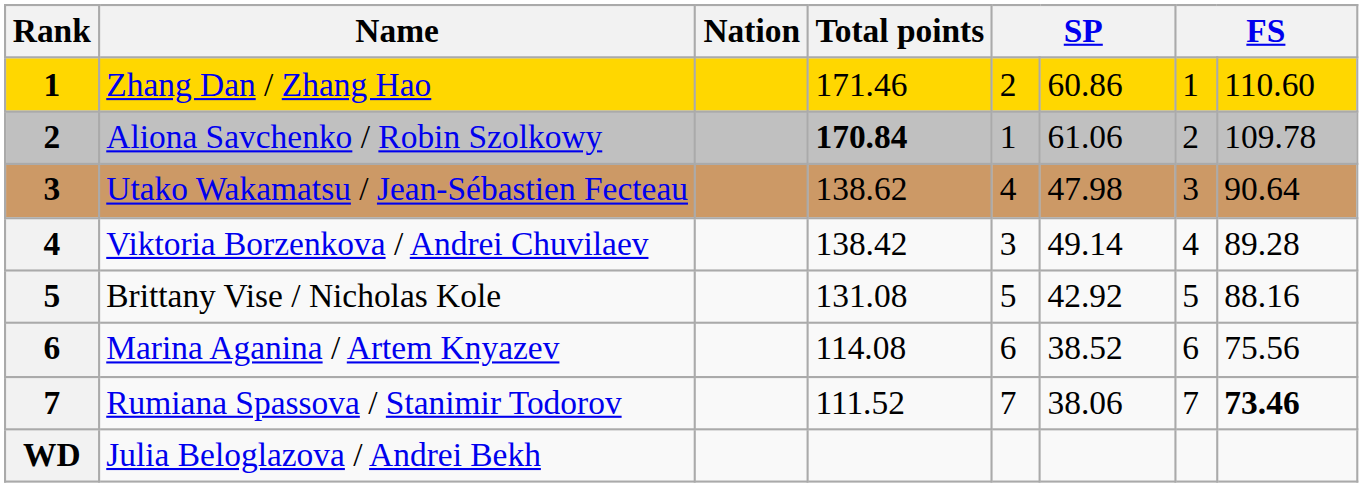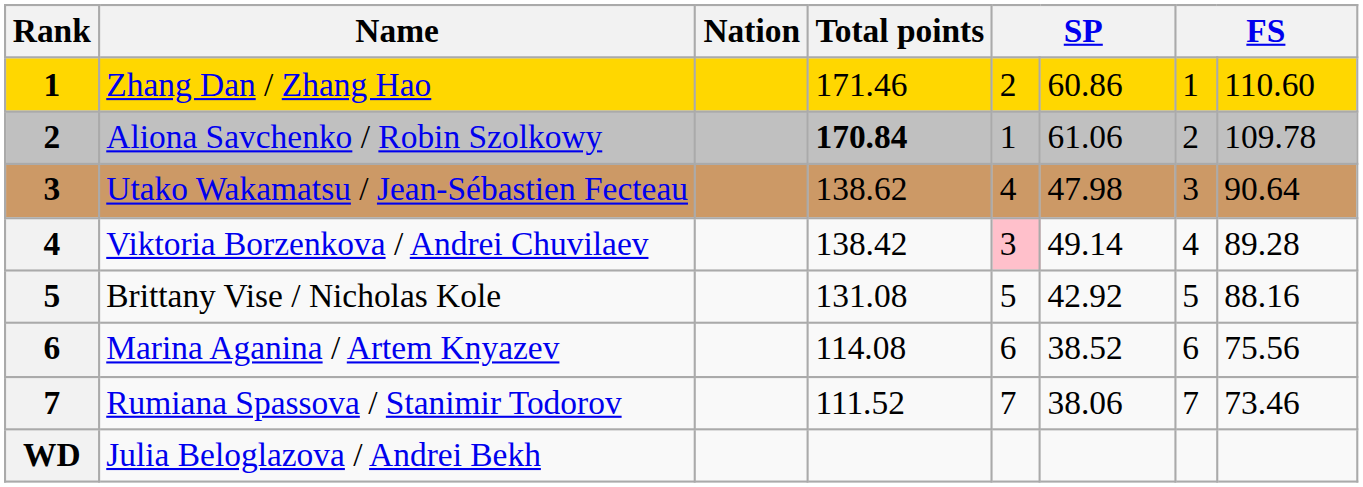 <table class="wikitable">
 <tr>
 <th>Rank</th>
 <th>Name</th>
 <th>Nation</th>
 <th>Total points</th>
 <th colspan="2" width="80px"><a href='#'>SP</a></th>
 <th colspan="2" width="80px"><a href='#'>FS</a></th>
 </tr>
 <tr bgcolor="gold">
 <td align="center"><strong>1</strong></td>
 <td><a href='#'>Zhang Dan</a> / <a href='#'>Zhang Hao</a></td>
 <td></td>
 <td>171.46</td>
 <td>2</td>
 <td>60.86</td>
 <td>1</td>
 <td>110.60</td>
 </tr>
 <tr bgcolor="silver">
 <td align="center"><strong>2</strong></td>
 <td><a href='#'>Aliona Savchenko</a> / <a href='#'>Robin Szolkowy</a></td>
 <td></td>
 <td><strong>170.84</strong></td>
 <td>1</td>
 <td>61.06</td>
 <td>2</td>
 <td>109.78</td>
 </tr>
 <tr bgcolor="cc9966">
 <td align="center"><strong>3</strong></td>
 <td><a href='#'>Utako Wakamatsu</a> / <a href='#'>Jean-Sébastien Fecteau</a></td>
 <td></td>
 <td>138.62</td>
 <td>4</td>
 <td>47.98</td>
 <td>3</td>
 <td>90.64</td>
 </tr>
 <tr>
 <th>4</th>
 <td><a href='#'>Viktoria Borzenkova</a> / <a href='#'>Andrei Chuvilaev</a></td>
 <td></td>
 <td>138.42</td>
-<td>3</td>
+<td style="background: pink;">3</td>
 <td>49.14</td>
 <td>4</td>
 <td>89.28</td>
 </tr>
 <tr>
 <th>5</th>
 <td>Brittany Vise / Nicholas Kole</td>
 <td></td>
 <td>131.08</td>
 <td>5</td>
 <td>42.92</td>
 <td>5</td>
 <td>88.16</td>
 </tr>
 <tr>
 <th>6</th>
 <td><a href='#'>Marina Aganina</a> / <a href='#'>Artem Knyazev</a></td>
 <td></td>
 <td>114.08</td>
 <td>6</td>
 <td>38.52</td>
 <td>6</td>
 <td>75.56</td>
 </tr>
 <tr>
 <th>7</th>
 <td><a href='#'>Rumiana Spassova</a> / <a href='#'>Stanimir Todorov</a></td>
 <td></td>
 <td>111.52</td>
 <td>7</td>
 <td>38.06</td>
 <td>7</td>
-<td><strong>73.46</strong></td>
+<td>73.46</td>
 </tr>
 <tr>
 <th>WD</th>
 <td><a href='#'>Julia Beloglazova</a> / <a href='#'>Andrei Bekh</a></td>
 <td></td>
 <td></td>
 <td></td>
 <td></td>
 <td></td>
 <td></td>
 </tr>
 </table>
